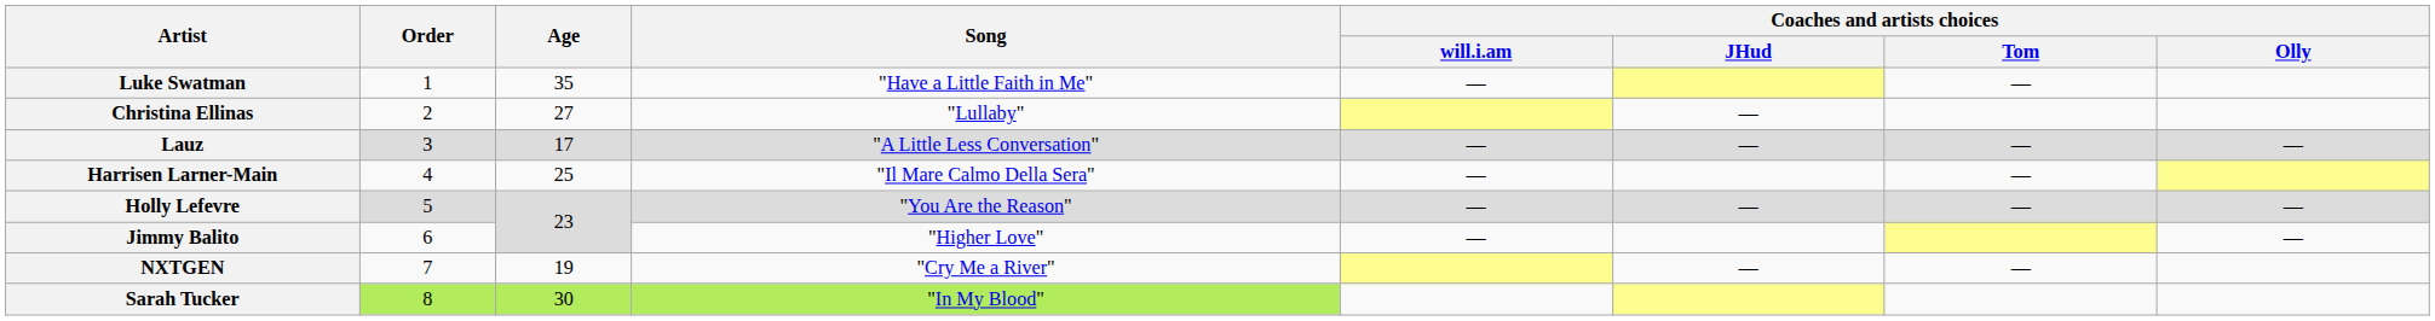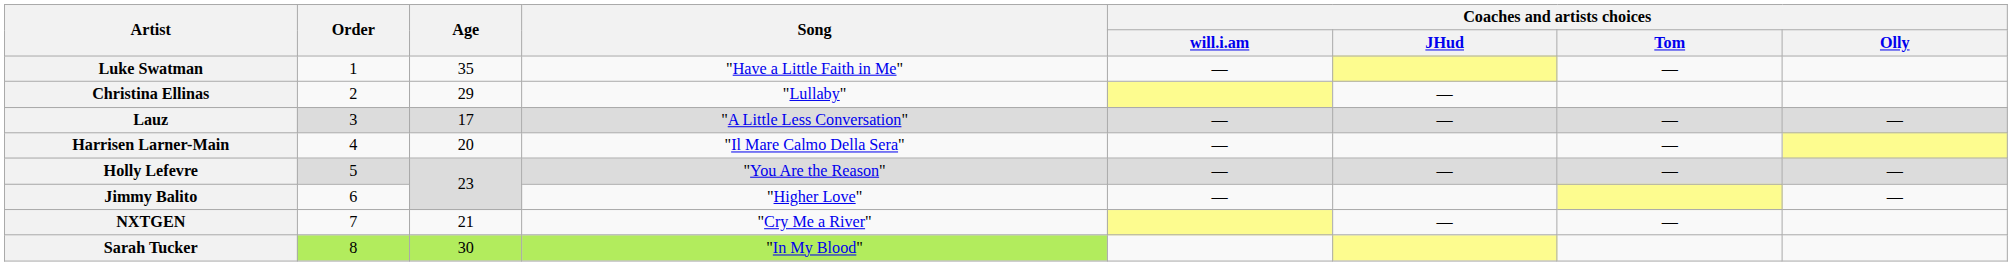 <table class="wikitable" style="text-align:center; width:100%;">
 <tr>
 <th rowspan="2" scope="col" style="width:13%;">Artist</th>
 <th rowspan="2" scope="col" style="width:05%;">Order</th>
 <th rowspan="2" scope="col" style="width:05%;">Age</th>
 <th rowspan="2" scope="col" style="width:26%;">Song</th>
 <th colspan="4" style="width:40%;">Coaches and artists choices</th>
 </tr>
 <tr>
 <th style="width:10%;"><a href='#'>will.i.am</a></th>
 <th style="width:10%;"><a href='#'>JHud</a></th>
 <th style="width:10%;"><a href='#'>Tom</a></th>
 <th style="width:10%;"><a href='#'>Olly</a></th>
 </tr>
 <tr>
 <th scope="row">Luke Swatman</th>
 <td>1</td>
 <td>35</td>
 <td>"<a href='#'>Have a Little Faith in Me</a>"</td>
 <td>—</td>
 <td style="background:#fdfc8f;"><strong></strong></td>
 <td>—</td>
 <td><strong></strong></td>
 </tr>
 <tr>
 <th>Christina Ellinas</th>
 <td>2</td>
-<td>27</td>
+<td>29</td>
 <td>"<a href='#'>Lullaby</a>"</td>
 <td style="background:#fdfc8f;"><strong></strong></td>
 <td>—</td>
 <td><strong></strong></td>
 <td><strong></strong></td>
 </tr>
 <tr style="background:#DCDCDC;">
 <th>Lauz</th>
 <td>3</td>
 <td>17</td>
 <td>"<a href='#'>A Little Less Conversation</a>"</td>
 <td>—</td>
 <td>—</td>
 <td>—</td>
 <td>—</td>
 </tr>
 <tr>
 <th>Harrisen Larner-Main</th>
 <td>4</td>
-<td>25</td>
+<td>20</td>
 <td>"<a href='#'>Il Mare Calmo Della Sera</a>"</td>
 <td>—</td>
 <td><strong></strong></td>
 <td>—</td>
 <td style="background:#fdfc8f;"><strong></strong></td>
 </tr>
 <tr style="background:#DCDCDC;">
 <th>Holly Lefevre</th>
 <td>5</td>
 <td rowspan=2>23</td>
 <td>"<a href='#'>You Are the Reason</a>"</td>
 <td>—</td>
 <td>—</td>
 <td>—</td>
 <td>—</td>
 </tr>
 <tr>
 <th>Jimmy Balito</th>
 <td>6</td>
 <td>"<a href='#'>Higher Love</a>"</td>
 <td>—</td>
 <td><strong></strong></td>
 <td style="background:#fdfc8f;"><strong></strong></td>
 <td>—</td>
 </tr>
 <tr>
 <th>NXTGEN</th>
 <td>7</td>
-<td>19</td>
+<td>21</td>
 <td>"<a href='#'>Cry Me a River</a>"</td>
 <td style="background:#fdfc8f;"><strong></strong></td>
 <td>—</td>
 <td>—</td>
 <td><strong></strong></td>
 </tr>
 <tr>
 <th>Sarah Tucker</th>
 <td style="background-color:#B2EC5D;">8</td>
 <td style="background-color:#B2EC5D;">30</td>
 <td style="background-color:#B2EC5D;">"<a href='#'>In My Blood</a>"</td>
 <td><strong></strong></td>
 <td style="background:#fdfc8f;"><strong></strong></td>
 <td><strong></strong></td>
 <td><strong></strong></td>
 </tr>
 </table>
